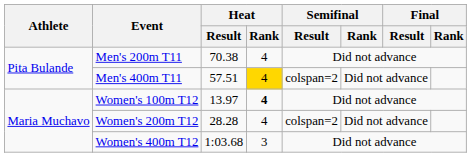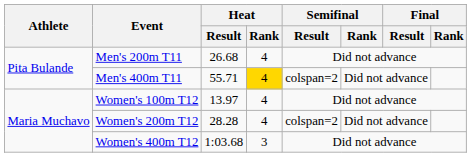 <table class="wikitable" style="font-size:90%">
 <tr>
 <th rowspan="2">Athlete</th>
 <th rowspan="2">Event</th>
 <th colspan="2">Heat</th>
 <th colspan="2">Semifinal</th>
 <th colspan="2">Final</th>
 </tr>
 <tr>
 <th>Result</th>
 <th>Rank</th>
 <th>Result</th>
 <th>Rank</th>
 <th>Result</th>
 <th>Rank</th>
 </tr>
 <tr align=center>
 <td align=left rowspan=2><a href='#'>Pita Bulande</a></td>
 <td align=left><a href='#'>Men's 200m T11</a></td>
-<td>70.38</td>
+<td>26.68</td>
 <td>4</td>
 <td colspan=4>Did not advance</td>
 </tr>
 <tr align=center>
 <td align=left><a href='#'>Men's 400m T11</a></td>
-<td>57.51</td>
+<td>55.71</td>
 <td style="background: gold;">4</td>
 <td>colspan=2 </td>
 <td colspan=2>Did not advance</td>
 </tr>
 <tr align=center>
 <td align=left rowspan=3><a href='#'>Maria Muchavo</a></td>
 <td align=left><a href='#'>Women's 100m T12</a></td>
 <td>13.97</td>
-<td><strong>4</strong></td>
+<td>4</td>
 <td colspan="4">Did not advance</td>
 </tr>
 <tr align=center>
 <td align=left><a href='#'>Women's 200m T12</a></td>
 <td>28.28</td>
 <td>4</td>
 <td>colspan=2 </td>
 <td colspan=2>Did not advance</td>
 </tr>
 <tr align=center>
 <td align=left><a href='#'>Women's 400m T12</a></td>
 <td>1:03.68</td>
 <td>3</td>
 <td colspan=4>Did not advance</td>
 </tr>
 </table>
